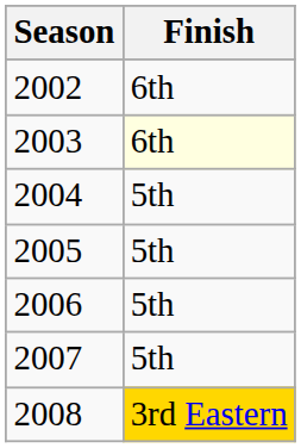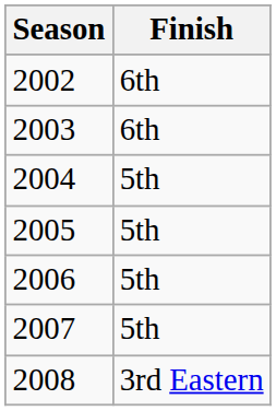 <table class="wikitable">
 <tr>
 <th>Season</th>
 <th>Finish</th>
 </tr>
 <tr>
 <td>2002</td>
 <td>6th</td>
 </tr>
 <tr>
 <td>2003</td>
-<td style="background: lightyellow;">6th</td>
+<td>6th</td>
 </tr>
 <tr>
 <td>2004</td>
 <td>5th</td>
 </tr>
 <tr>
 <td>2005</td>
 <td>5th</td>
 </tr>
 <tr>
 <td>2006</td>
 <td>5th</td>
 </tr>
 <tr>
 <td>2007</td>
 <td>5th</td>
 </tr>
 <tr>
 <td>2008</td>
-<td style="background: gold;">3rd <a href='#'>Eastern</a></td>
+<td>3rd <a href='#'>Eastern</a></td>
 </tr>
 </table>
